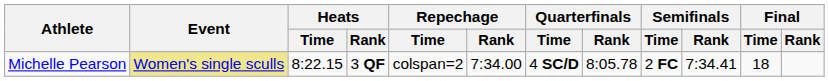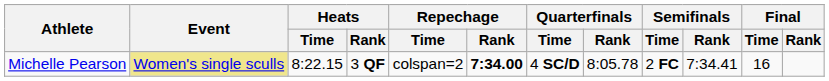 <table class="wikitable" style="font-size:90%">
 <tr>
 <th rowspan="2">Athlete</th>
 <th rowspan="2">Event</th>
 <th colspan="2">Heats</th>
 <th colspan="2">Repechage</th>
 <th colspan="2">Quarterfinals</th>
 <th colspan="2">Semifinals</th>
 <th colspan="2">Final</th>
 </tr>
 <tr style="font-size:95%">
 <th>Time</th>
 <th>Rank</th>
 <th>Time</th>
 <th>Rank</th>
 <th>Time</th>
 <th>Rank</th>
 <th>Time</th>
 <th>Rank</th>
 <th>Time</th>
 <th>Rank</th>
 </tr>
 <tr align=center>
 <td align=left><a href='#'>Michelle Pearson</a></td>
 <td align=left style="background: khaki;"><a href='#'>Women's single sculls</a></td>
 <td>8:22.15</td>
 <td>3 <strong>QF</strong></td>
 <td>colspan=2 </td>
-<td>7:34.00</td>
+<td><strong>7:34.00</strong></td>
 <td>4 <strong>SC/D</strong></td>
 <td>8:05.78</td>
 <td>2 <strong>FC</strong></td>
 <td>7:34.41</td>
-<td>18</td>
+<td>16</td>
 </tr>
 </table>
